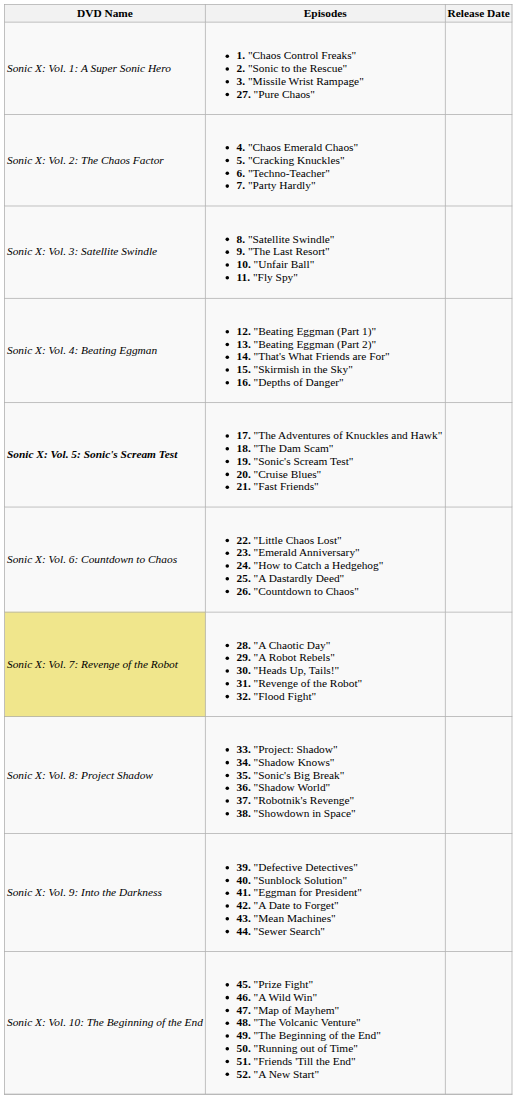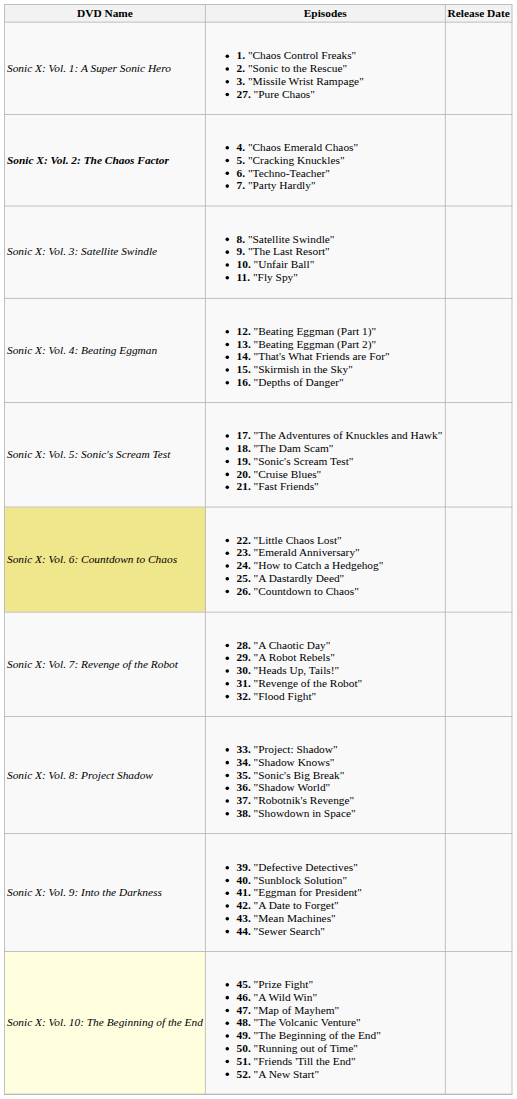 <table class="wikitable">
 <tr>
 <th><strong>DVD Name</strong></th>
 <th><strong>Episodes</strong></th>
 <th><strong>Release Date</strong></th>
 </tr>
 <tr>
 <td><em>Sonic X: Vol. 1: A Super Sonic Hero</em></td>
 <td><br><ul><li><strong>1.</strong> "Chaos Control Freaks"</li><li><strong>2.</strong> "Sonic to the Rescue"</li><li><strong>3.</strong> "Missile Wrist Rampage"</li><li><strong>27.</strong> "Pure Chaos"</li></ul></td>
 <td></td>
 </tr>
 <tr>
-<td><em>Sonic X: Vol. 2: The Chaos Factor</em></td>
+<td><strong><em>Sonic X: Vol. 2: The Chaos Factor</em></strong></td>
 <td><br><ul><li><strong>4.</strong> "Chaos Emerald Chaos"</li><li><strong>5.</strong> "Cracking Knuckles"</li><li><strong>6.</strong> "Techno-Teacher"</li><li><strong>7.</strong> "Party Hardly"</li></ul></td>
 <td></td>
 </tr>
 <tr>
 <td><em>Sonic X: Vol. 3: Satellite Swindle</em></td>
 <td><br><ul><li><strong>8.</strong> "Satellite Swindle"</li><li><strong>9.</strong> "The Last Resort"</li><li><strong>10.</strong> "Unfair Ball"</li><li><strong>11.</strong> "Fly Spy"</li></ul></td>
 <td></td>
 </tr>
 <tr>
 <td><em>Sonic X: Vol. 4: Beating Eggman</em></td>
 <td><br><ul><li><strong>12.</strong> "Beating Eggman (Part 1)"</li><li><strong>13.</strong> "Beating Eggman (Part 2)"</li><li><strong>14.</strong> "That's What Friends are For"</li><li><strong>15.</strong> "Skirmish in the Sky"</li><li><strong>16.</strong> "Depths of Danger"</li></ul></td>
 <td></td>
 </tr>
 <tr>
-<td><strong><em>Sonic X: Vol. 5: Sonic's Scream Test</em></strong></td>
+<td><em>Sonic X: Vol. 5: Sonic's Scream Test</em></td>
 <td><br><ul><li><strong>17.</strong> "The Adventures of Knuckles and Hawk"</li><li><strong>18.</strong> "The Dam Scam"</li><li><strong>19.</strong> "Sonic's Scream Test"</li><li><strong>20.</strong> "Cruise Blues"</li><li><strong>21.</strong> "Fast Friends"</li></ul></td>
 <td></td>
 </tr>
 <tr>
-<td><em>Sonic X: Vol. 6: Countdown to Chaos</em></td>
+<td style="background: khaki;"><em>Sonic X: Vol. 6: Countdown to Chaos</em></td>
 <td><br><ul><li><strong>22.</strong> "Little Chaos Lost"</li><li><strong>23.</strong> "Emerald Anniversary"</li><li><strong>24.</strong> "How to Catch a Hedgehog"</li><li><strong>25.</strong> "A Dastardly Deed"</li><li><strong>26.</strong> "Countdown to Chaos"</li></ul></td>
 <td></td>
 </tr>
 <tr>
-<td style="background: khaki;"><em>Sonic X: Vol. 7: Revenge of the Robot</em></td>
+<td><em>Sonic X: Vol. 7: Revenge of the Robot</em></td>
 <td><br><ul><li><strong>28.</strong> "A Chaotic Day"</li><li><strong>29.</strong> "A Robot Rebels"</li><li><strong>30.</strong> "Heads Up, Tails!"</li><li><strong>31.</strong> "Revenge of the Robot"</li><li><strong>32.</strong> "Flood Fight"</li></ul></td>
 <td></td>
 </tr>
 <tr>
 <td><em>Sonic X: Vol. 8: Project Shadow</em></td>
 <td><br><ul><li><strong>33.</strong> "Project: Shadow"</li><li><strong>34.</strong> "Shadow Knows"</li><li><strong>35.</strong> "Sonic's Big Break"</li><li><strong>36.</strong> "Shadow World"</li><li><strong>37.</strong> "Robotnik's Revenge"</li><li><strong>38.</strong> "Showdown in Space"</li></ul></td>
 <td></td>
 </tr>
 <tr>
 <td><em>Sonic X: Vol. 9: Into the Darkness</em></td>
 <td><br><ul><li><strong>39.</strong> "Defective Detectives"</li><li><strong>40.</strong> "Sunblock Solution"</li><li><strong>41.</strong> "Eggman for President"</li><li><strong>42.</strong> "A Date to Forget"</li><li><strong>43.</strong> "Mean Machines"</li><li><strong>44.</strong> "Sewer Search"</li></ul></td>
 <td></td>
 </tr>
 <tr>
-<td><em>Sonic X: Vol. 10: The Beginning of the End</em></td>
+<td style="background: lightyellow;"><em>Sonic X: Vol. 10: The Beginning of the End</em></td>
 <td><br><ul><li><strong>45.</strong> "Prize Fight"</li><li><strong>46.</strong> "A Wild Win"</li><li><strong>47.</strong> "Map of Mayhem"</li><li><strong>48.</strong> "The Volcanic Venture"</li><li><strong>49.</strong> "The Beginning of the End"</li><li><strong>50.</strong> "Running out of Time"</li><li><strong>51.</strong> "Friends 'Till the End"</li><li><strong>52.</strong> "A New Start"</li></ul></td>
 <td></td>
 </tr>
 <tr>
 </tr>
 </table>
